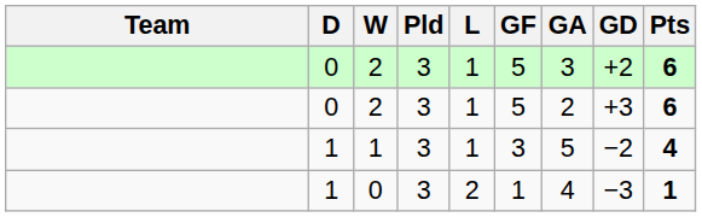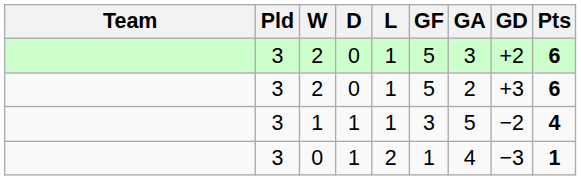 <table class="wikitable" style="text-align:center;">
 <tr>
 <th width=180>Team</th>
+<th width=20>Pld</th>
+<th width=20>W</th>
 <th width=20>D</th>
-<th width=20>W</th>
-<th width=20>Pld</th>
 <th width=20>L</th>
 <th width=20>GF</th>
 <th width=20>GA</th>
 <th width=20>GD</th>
 <th width=20>Pts</th>
 </tr>
 <tr bgcolor="ccffcc">
 <td align="left"><em></em></td>
+<td>3</td>
+<td>2</td>
 <td>0</td>
-<td>2</td>
-<td>3</td>
 <td>1</td>
 <td>5</td>
 <td>3</td>
 <td>+2</td>
 <td><strong>6</strong></td>
 </tr>
 <tr>
 <td align="left"></td>
+<td>3</td>
+<td>2</td>
 <td>0</td>
-<td>2</td>
-<td>3</td>
 <td>1</td>
 <td>5</td>
 <td>2</td>
 <td>+3</td>
 <td><strong>6</strong></td>
 </tr>
 <tr>
 <td align="left"></td>
+<td>3</td>
 <td>1</td>
 <td>1</td>
-<td>3</td>
 <td>1</td>
 <td>3</td>
 <td>5</td>
 <td>−2</td>
 <td><strong>4</strong></td>
 </tr>
 <tr>
 <td align="left"></td>
+<td>3</td>
+<td>0</td>
 <td>1</td>
-<td>0</td>
-<td>3</td>
 <td>2</td>
 <td>1</td>
 <td>4</td>
 <td>−3</td>
 <td><strong>1</strong></td>
 </tr>
 </table>
